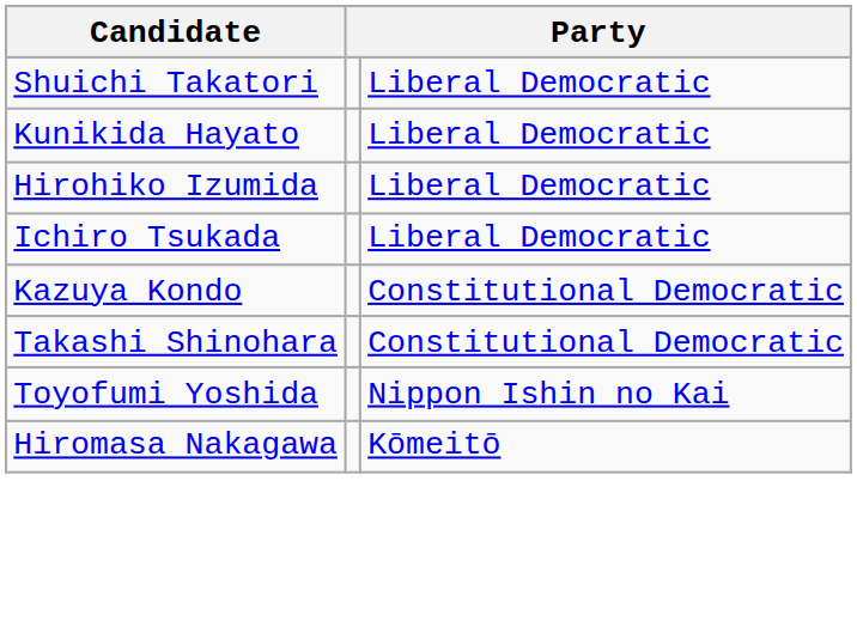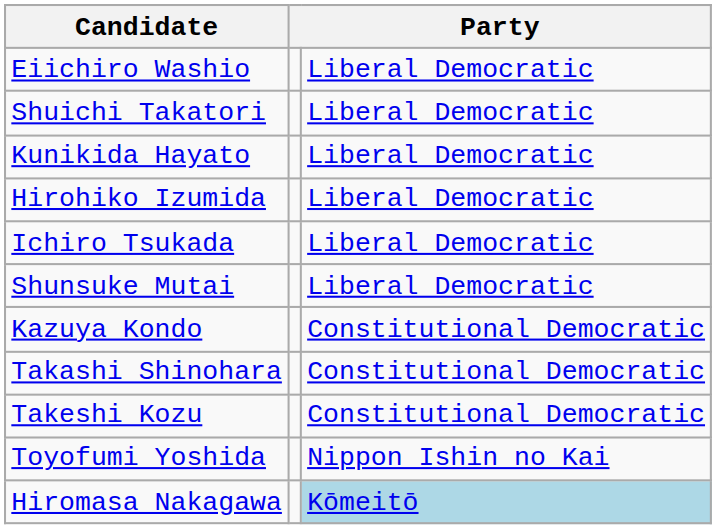 <table class="wikitable">
 <tr>
 <th>Candidate</th>
 <th colspan="2">Party</th>
+</tr>
+<tr>
+<td><a href='#'>Eiichiro Washio</a></td>
+<td></td>
+<td><a href='#'>Liberal Democratic</a></td>
 </tr>
 <tr>
 <td><a href='#'>Shuichi Takatori</a></td>
 <td></td>
 <td><a href='#'>Liberal Democratic</a></td>
 </tr>
 <tr>
 <td><a href='#'>Kunikida Hayato</a></td>
 <td></td>
 <td><a href='#'>Liberal Democratic</a></td>
 </tr>
 <tr>
 <td><a href='#'>Hirohiko Izumida</a></td>
 <td></td>
 <td><a href='#'>Liberal Democratic</a></td>
 </tr>
 <tr>
 <td><a href='#'>Ichiro Tsukada</a></td>
 <td></td>
 <td><a href='#'>Liberal Democratic</a></td>
 </tr>
 <tr>
+<td><a href='#'>Shunsuke Mutai</a></td>
+<td></td>
+<td><a href='#'>Liberal Democratic</a></td>
+</tr>
+<tr>
 <td><a href='#'>Kazuya Kondo</a></td>
 <td></td>
 <td><a href='#'>Constitutional Democratic</a></td>
 </tr>
 <tr>
 <td><a href='#'>Takashi Shinohara</a></td>
+<td></td>
+<td><a href='#'>Constitutional Democratic</a></td>
+</tr>
+<tr>
+<td><a href='#'>Takeshi Kozu</a></td>
 <td></td>
 <td><a href='#'>Constitutional Democratic</a></td>
 </tr>
 <tr>
 <td><a href='#'>Toyofumi Yoshida</a></td>
 <td></td>
 <td><a href='#'>Nippon Ishin no Kai</a></td>
 </tr>
 <tr>
 <td><a href='#'>Hiromasa Nakagawa</a></td>
 <td></td>
-<td><a href='#'>Kōmeitō</a></td>
+<td style="background: lightblue;"><a href='#'>Kōmeitō</a></td>
 </tr>
 </table>
